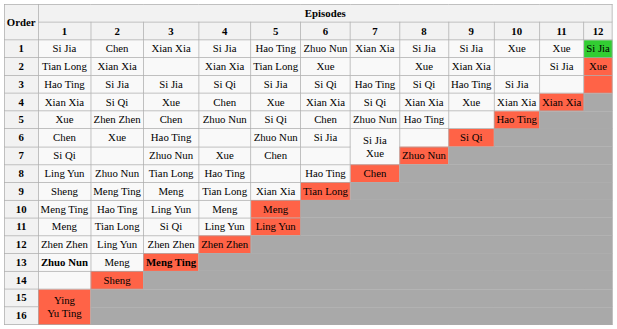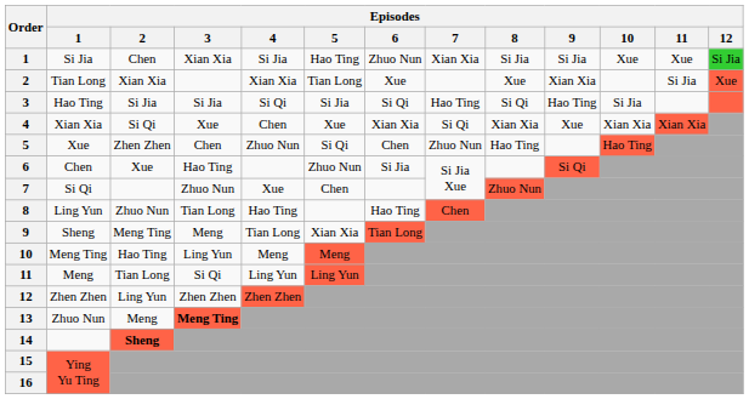 <table class="wikitable" style="text-align:center; font-size:95%">
 <tr>
 <th rowspan=2>Order</th>
 <th colspan=12>Episodes</th>
 </tr>
 <tr>
 <th>1</th>
 <th>2</th>
 <th>3</th>
 <th>4</th>
 <th>5</th>
 <th>6</th>
 <th>7</th>
 <th>8</th>
 <th>9</th>
 <th>10</th>
 <th>11</th>
 <th>12</th>
 </tr>
 <tr>
 <th>1</th>
 <td>Si Jia</td>
 <td>Chen</td>
 <td>Xian Xia</td>
 <td>Si Jia</td>
 <td>Hao Ting</td>
 <td>Zhuo Nun</td>
 <td>Xian Xia</td>
 <td>Si Jia</td>
 <td>Si Jia</td>
 <td>Xue</td>
 <td>Xue</td>
 <td style="background:limegreen;">Si Jia</td>
 </tr>
 <tr>
 <th>2</th>
 <td>Tian Long</td>
 <td>Xian Xia</td>
 <td></td>
 <td>Xian Xia</td>
 <td>Tian Long</td>
 <td>Xue</td>
 <td></td>
 <td>Xue</td>
 <td>Xian Xia</td>
 <td></td>
 <td>Si Jia</td>
 <td style="background:tomato;">Xue</td>
 </tr>
 <tr>
 <th>3</th>
 <td>Hao Ting</td>
 <td>Si Jia</td>
 <td>Si Jia</td>
 <td>Si Qi</td>
 <td>Si Jia</td>
 <td>Si Qi</td>
 <td>Hao Ting</td>
 <td>Si Qi</td>
 <td>Hao Ting</td>
 <td>Si Jia</td>
 <td></td>
 <td style="background:tomato;"></td>
 </tr>
 <tr>
 <th>4</th>
 <td>Xian Xia</td>
 <td>Si Qi</td>
 <td>Xue</td>
 <td>Chen</td>
 <td>Xue</td>
 <td>Xian Xia</td>
 <td>Si Qi</td>
 <td>Xian Xia</td>
 <td>Xue</td>
 <td>Xian Xia</td>
 <td style="background:tomato;">Xian Xia</td>
 <td style="background:darkgray;" colspan=1></td>
 </tr>
 <tr>
 <th>5</th>
 <td>Xue</td>
 <td>Zhen Zhen</td>
 <td>Chen</td>
 <td>Zhuo Nun</td>
 <td>Si Qi</td>
 <td>Chen</td>
 <td>Zhuo Nun</td>
 <td>Hao Ting</td>
 <td></td>
 <td style="background:tomato;">Hao Ting</td>
 <td style="background:darkgray;" colspan=2></td>
 </tr>
 <tr>
 <th>6</th>
 <td>Chen</td>
 <td>Xue</td>
 <td>Hao Ting</td>
 <td></td>
 <td>Zhuo Nun</td>
 <td>Si Jia</td>
 <td rowspan="2">Si Jia<br>Xue</td>
 <td></td>
 <td style="background:tomato;">Si Qi</td>
 <td style="background:darkgray;" colspan=3></td>
 </tr>
 <tr>
 <th>7</th>
 <td>Si Qi</td>
 <td></td>
 <td>Zhuo Nun</td>
 <td>Xue</td>
 <td>Chen</td>
 <td></td>
 <td style="background:tomato;">Zhuo Nun</td>
 <td style="background:darkgray;" colspan=4></td>
 </tr>
 <tr>
 <th>8</th>
 <td>Ling Yun</td>
 <td>Zhuo Nun</td>
 <td>Tian Long</td>
 <td>Hao Ting</td>
 <td></td>
 <td>Hao Ting</td>
 <td style="background:tomato;">Chen</td>
 <td style="background:darkgray;" colspan=5></td>
 </tr>
 <tr>
 <th>9</th>
 <td>Sheng</td>
 <td>Meng Ting</td>
 <td>Meng</td>
 <td>Tian Long</td>
 <td>Xian Xia</td>
 <td style="background:tomato;">Tian Long</td>
 <td style="background:darkgray;" colspan=6></td>
 </tr>
 <tr>
 <th>10</th>
 <td>Meng Ting</td>
 <td>Hao Ting</td>
 <td>Ling Yun</td>
 <td>Meng</td>
 <td style="background:tomato;">Meng</td>
 <td style="background:darkgray;" colspan=7></td>
 </tr>
 <tr>
 <th>11</th>
 <td>Meng</td>
 <td>Tian Long</td>
 <td>Si Qi</td>
 <td>Ling Yun</td>
 <td style="background:tomato;">Ling Yun</td>
 <td style="background:darkgray;" colspan=7></td>
 </tr>
 <tr>
 <th>12</th>
 <td>Zhen Zhen</td>
 <td>Ling Yun</td>
 <td>Zhen Zhen</td>
 <td style="background:tomato;">Zhen Zhen</td>
 <td style="background:darkgray;" colspan=8></td>
 </tr>
 <tr>
 <th>13</th>
-<td><strong>Zhuo Nun</strong></td>
+<td>Zhuo Nun</td>
 <td>Meng</td>
 <td style="background:tomato;"><strong>Meng Ting</strong></td>
 <td style="background:darkgray;" colspan=9></td>
 </tr>
 <tr>
 <th>14</th>
 <td></td>
-<td style="background:tomato;">Sheng</td>
+<td style="background:tomato;"><strong>Sheng</strong></td>
 <td style="background:darkgray;" colspan=10></td>
 </tr>
 <tr>
 <th>15</th>
 <td rowspan="2" style="background:tomato;">Ying<br>Yu Ting</td>
 <td style="background:darkgray;" colspan=11></td>
 </tr>
 <tr>
 <th>16</th>
 <td style="background:darkgray;" colspan=11></td>
 </tr>
 </table>
